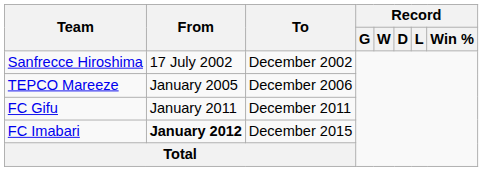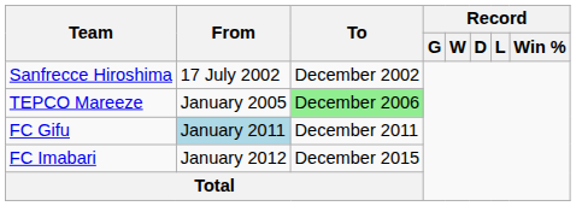 <table class="wikitable" style="text-align: center">
 <tr>
 <th rowspan="2">Team</th>
 <th rowspan="2">From</th>
 <th rowspan="2">To</th>
 <th colspan="5">Record</th>
 </tr>
 <tr>
 <th>G</th>
 <th>W</th>
 <th>D</th>
 <th>L</th>
 <th>Win %</th>
 </tr>
 <tr>
 <td align=left><a href='#'>Sanfrecce Hiroshima</a></td>
 <td align=left>17 July 2002</td>
 <td align=left>December 2002<br></td>
 </tr>
 <tr>
 <td align=left><a href='#'>TEPCO Mareeze</a></td>
 <td align=left>January 2005</td>
-<td align=left>December 2006<br></td>
+<td align=left style="background: lightgreen;">December 2006<br></td>
 </tr>
 <tr>
 <td align=left><a href='#'>FC Gifu</a></td>
-<td align=left>January 2011</td>
+<td align=left style="background: lightblue;">January 2011</td>
 <td align=left>December 2011<br></td>
 </tr>
 <tr>
 <td align=left><a href='#'>FC Imabari</a></td>
-<td align=left><strong>January 2012</strong></td>
+<td align=left>January 2012</td>
 <td align=left>December 2015<br></td>
 </tr>
 <tr>
 <th colspan="3">Total<br></th>
 </tr>
 </table>
